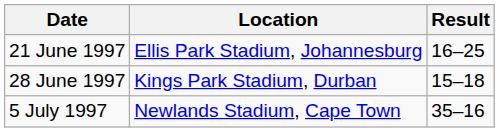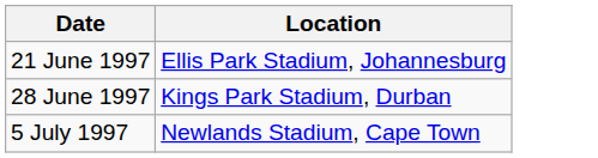 <table class="wikitable" style="align:center;">
 <tr>
 <th>Date</th>
 <th>Location</th>
-<th>Result</th>
 </tr>
 <tr>
 <td>21 June 1997</td>
 <td><a href='#'>Ellis Park Stadium</a>, <a href='#'>Johannesburg</a></td>
-<td> 16–25 </td>
 </tr>
 <tr>
 <td>28 June 1997</td>
 <td><a href='#'>Kings Park Stadium</a>, <a href='#'>Durban</a></td>
-<td> 15–18 </td>
 </tr>
 <tr>
 <td>5 July 1997</td>
 <td><a href='#'>Newlands Stadium</a>, <a href='#'>Cape Town</a></td>
-<td> 35–16 </td>
 </tr>
 </table>
